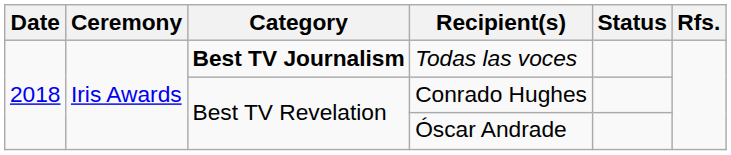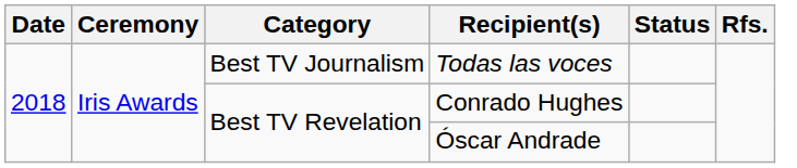 <table class="wikitable">
 <tr>
 <th>Date</th>
 <th>Ceremony</th>
 <th>Category</th>
 <th>Recipient(s)</th>
 <th>Status</th>
 <th>Rfs.</th>
 </tr>
 <tr>
 <td rowspan=3><a href='#'>2018</a></td>
 <td rowspan="3"><a href='#'>Iris Awards</a></td>
-<td><strong>Best TV Journalism</strong></td>
+<td>Best TV Journalism</td>
 <td><em>Todas las voces</em></td>
 <td></td>
 <td rowspan="3"></td>
 </tr>
 <tr>
 <td rowspan="2">Best TV Revelation</td>
 <td>Conrado Hughes</td>
 <td></td>
 </tr>
 <tr>
 <td>Óscar Andrade</td>
 <td></td>
 </tr>
 </table>
